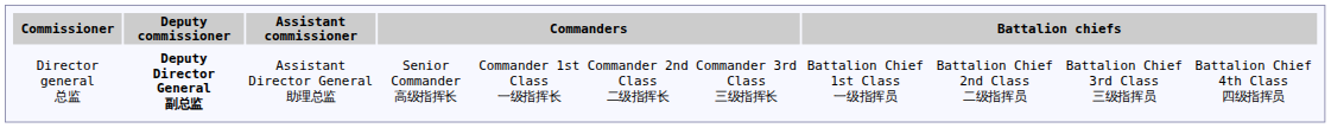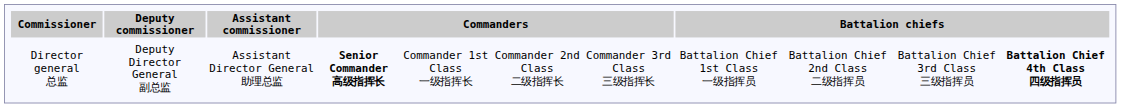 <table style="border:1px solid #8888aa; background-color:#f7f8ff; padding:5px; font-size:95%; margin: 0px 12px 12px 0px; width: 100%;">
 <tr style="background-color:#CCCCCC; width: 100%">
 <th>Commissioner</th>
 <th>Deputy commissioner</th>
 <th>Assistant commissioner</th>
 <th colspan=4>Commanders</th>
 <th colspan=4>Battalion chiefs</th>
 </tr>
 <tr style="text-align:center;">
 <td></td>
 <td></td>
 <td></td>
 <td></td>
 <td></td>
 <td></td>
 <td></td>
 <td></td>
 <td></td>
 <td></td>
 <td></td>
 </tr>
 <tr style="text-align:center;">
 <td>Director general<br>总监</td>
-<td><strong>Deputy<br>Director General<br>副总监</strong></td>
+<td>Deputy<br>Director General<br>副总监</td>
 <td>Assistant<br>Director General<br>助理总监</td>
-<td>Senior Commander<br>高级指挥长</td>
+<td><strong>Senior Commander<br>高级指挥长</strong></td>
 <td>Commander 1st Class<br>一级指挥长</td>
 <td>Commander 2nd Class<br>二级指挥长</td>
 <td>Commander 3rd Class<br>三级指挥长</td>
 <td>Battalion Chief 1st Class<br>一级指挥员</td>
 <td>Battalion Chief 2nd Class<br>二级指挥员</td>
 <td>Battalion Chief 3rd Class<br>三级指挥员</td>
-<td>Battalion Chief 4th Class<br>四级指挥员</td>
+<td><strong>Battalion Chief 4th Class<br>四级指挥员</strong></td>
 </tr>
 </table>
